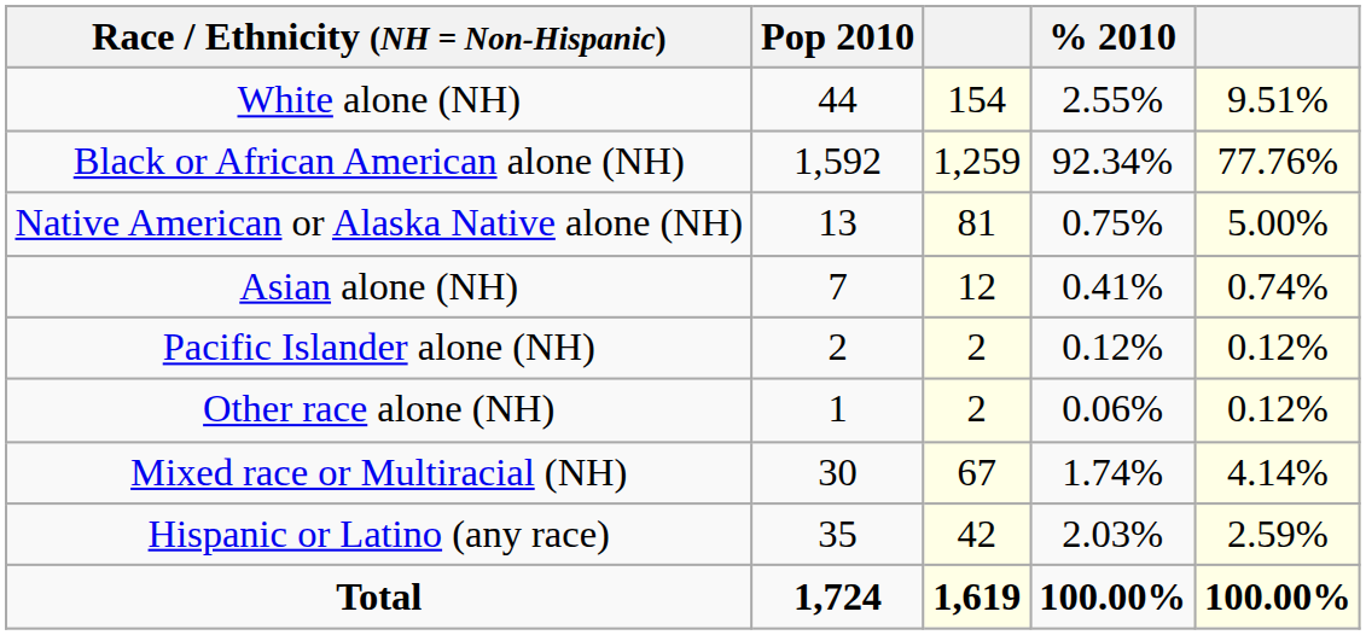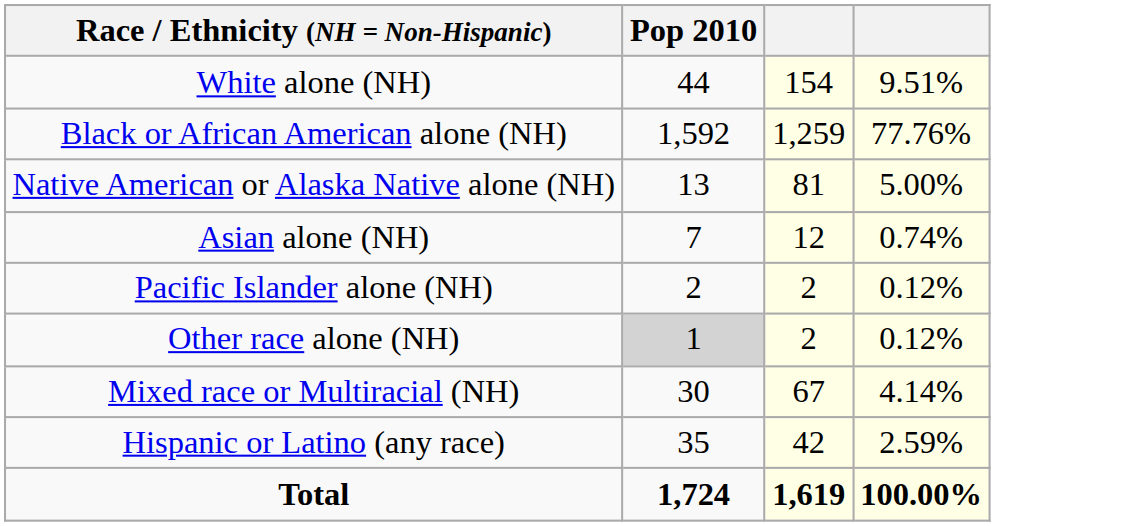 <table class="wikitable" style="text-align:center;">
 <tr>
 <th>Race / Ethnicity <small>(<em>NH = Non-Hispanic</em>)</small></th>
 <th>Pop 2010</th>
 <th></th>
-<th>% 2010</th>
 <th></th>
 </tr>
 <tr>
 <td><a href='#'>White</a> alone (NH)</td>
 <td>44</td>
 <td style='background: #ffffe6;'>154</td>
-<td>2.55%</td>
 <td style='background: #ffffe6;'>9.51%</td>
 </tr>
 <tr>
 <td><a href='#'>Black or African American</a> alone (NH)</td>
 <td>1,592</td>
 <td style='background: #ffffe6;'>1,259</td>
-<td>92.34%</td>
 <td style='background: #ffffe6;'>77.76%</td>
 </tr>
 <tr>
 <td><a href='#'>Native American</a> or <a href='#'>Alaska Native</a> alone (NH)</td>
 <td>13</td>
 <td style='background: #ffffe6;'>81</td>
-<td>0.75%</td>
 <td style='background: #ffffe6;'>5.00%</td>
 </tr>
 <tr>
 <td><a href='#'>Asian</a> alone (NH)</td>
 <td>7</td>
 <td style='background: #ffffe6;'>12</td>
-<td>0.41%</td>
 <td style='background: #ffffe6;'>0.74%</td>
 </tr>
 <tr>
 <td><a href='#'>Pacific Islander</a> alone (NH)</td>
 <td>2</td>
 <td style='background: #ffffe6;'>2</td>
-<td>0.12%</td>
 <td style='background: #ffffe6;'>0.12%</td>
 </tr>
 <tr>
 <td><a href='#'>Other race</a> alone (NH)</td>
-<td>1</td>
+<td style="background: lightgrey;">1</td>
 <td style='background: #ffffe6;'>2</td>
-<td>0.06%</td>
 <td style='background: #ffffe6;'>0.12%</td>
 </tr>
 <tr>
 <td><a href='#'>Mixed race or Multiracial</a> (NH)</td>
 <td>30</td>
 <td style='background: #ffffe6;'>67</td>
-<td>1.74%</td>
 <td style='background: #ffffe6;'>4.14%</td>
 </tr>
 <tr>
 <td><a href='#'>Hispanic or Latino</a> (any race)</td>
 <td>35</td>
 <td style='background: #ffffe6;'>42</td>
-<td>2.03%</td>
 <td style='background: #ffffe6;'>2.59%</td>
 </tr>
 <tr>
 <td><strong>Total</strong></td>
 <td><strong>1,724</strong></td>
 <td style='background: #ffffe6;'><strong>1,619</strong></td>
-<td><strong>100.00%</strong></td>
 <td style='background: #ffffe6;'><strong>100.00%</strong></td>
 </tr>
 </table>
